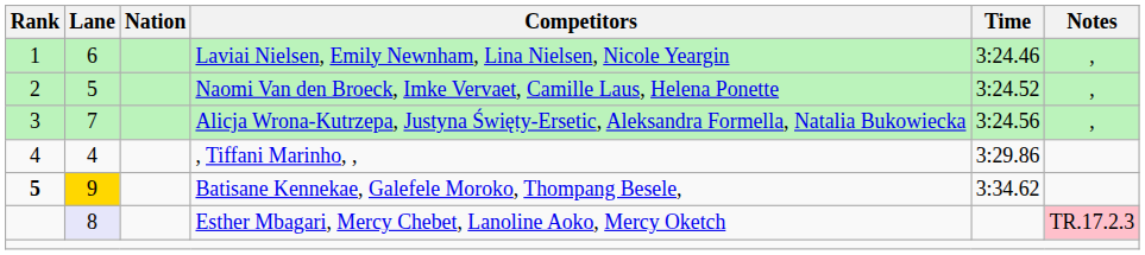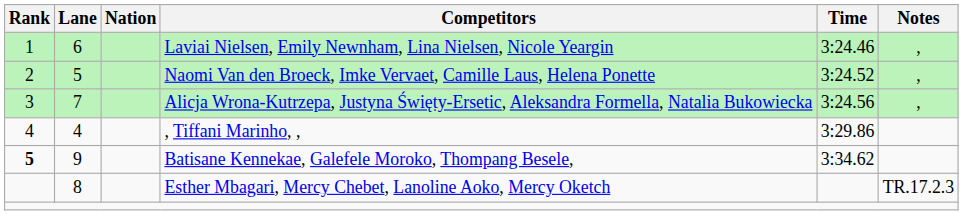 <table class="wikitable sortable" style="text-align:center">
 <tr>
 <th>Rank</th>
 <th>Lane</th>
 <th>Nation</th>
 <th>Competitors</th>
 <th>Time</th>
 <th>Notes</th>
 </tr>
 <tr bgcolor="#bbf3bb">
 <td>1</td>
 <td>6</td>
 <td align="left"></td>
 <td align="left"><a href='#'>Laviai Nielsen</a>, <a href='#'>Emily Newnham</a>, <a href='#'>Lina Nielsen</a>, <a href='#'>Nicole Yeargin</a></td>
 <td>3:24.46</td>
 <td>, </td>
 </tr>
 <tr bgcolor="#bbf3bb">
 <td>2</td>
 <td>5</td>
 <td align="left"></td>
 <td align="left"><a href='#'>Naomi Van den Broeck</a>, <a href='#'>Imke Vervaet</a>, <a href='#'>Camille Laus</a>, <a href='#'>Helena Ponette</a></td>
 <td>3:24.52</td>
 <td>, </td>
 </tr>
 <tr bgcolor="#bbf3bb">
 <td>3</td>
 <td>7</td>
 <td align="left"></td>
 <td align="left"><a href='#'>Alicja Wrona-Kutrzepa</a>, <a href='#'>Justyna Święty-Ersetic</a>, <a href='#'>Aleksandra Formella</a>, <a href='#'>Natalia Bukowiecka</a></td>
 <td>3:24.56</td>
 <td>, </td>
 </tr>
 <tr>
 <td>4</td>
 <td>4</td>
 <td align="left"></td>
 <td align="left">, <a href='#'>Tiffani Marinho</a>, , </td>
 <td>3:29.86</td>
 <td></td>
 </tr>
 <tr>
 <td><strong>5</strong></td>
-<td style="background: gold;">9</td>
+<td>9</td>
 <td align="left"></td>
 <td align="left"><a href='#'>Batisane Kennekae</a>, <a href='#'>Galefele Moroko</a>, <a href='#'>Thompang Besele</a>, </td>
 <td>3:34.62</td>
 <td></td>
 </tr>
 <tr>
 <td></td>
-<td style="background: lavender;">8</td>
+<td>8</td>
 <td align="left"></td>
 <td align="left"><a href='#'>Esther Mbagari</a>, <a href='#'>Mercy Chebet</a>, <a href='#'>Lanoline Aoko</a>, <a href='#'>Mercy Oketch</a></td>
 <td></td>
-<td style="background: pink;">TR.17.2.3</td>
+<td>TR.17.2.3</td>
 </tr>
 <tr class="sortbottom">
 <td colspan="6"></td>
 </tr>
 </table>
